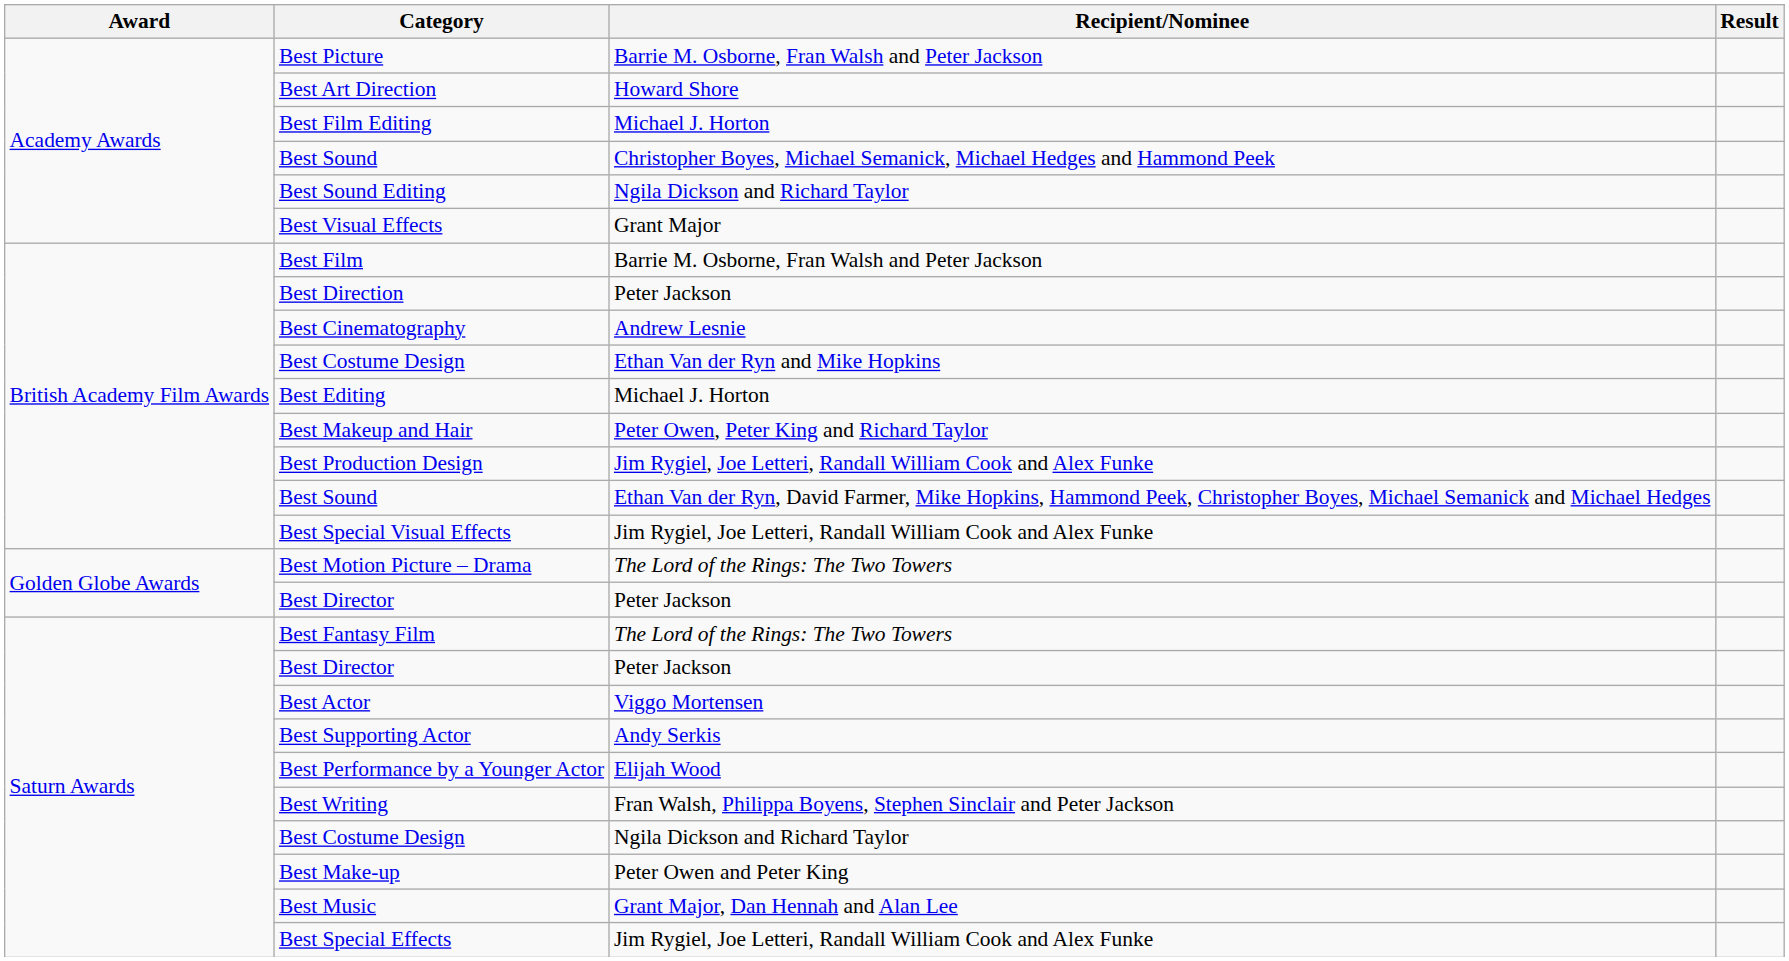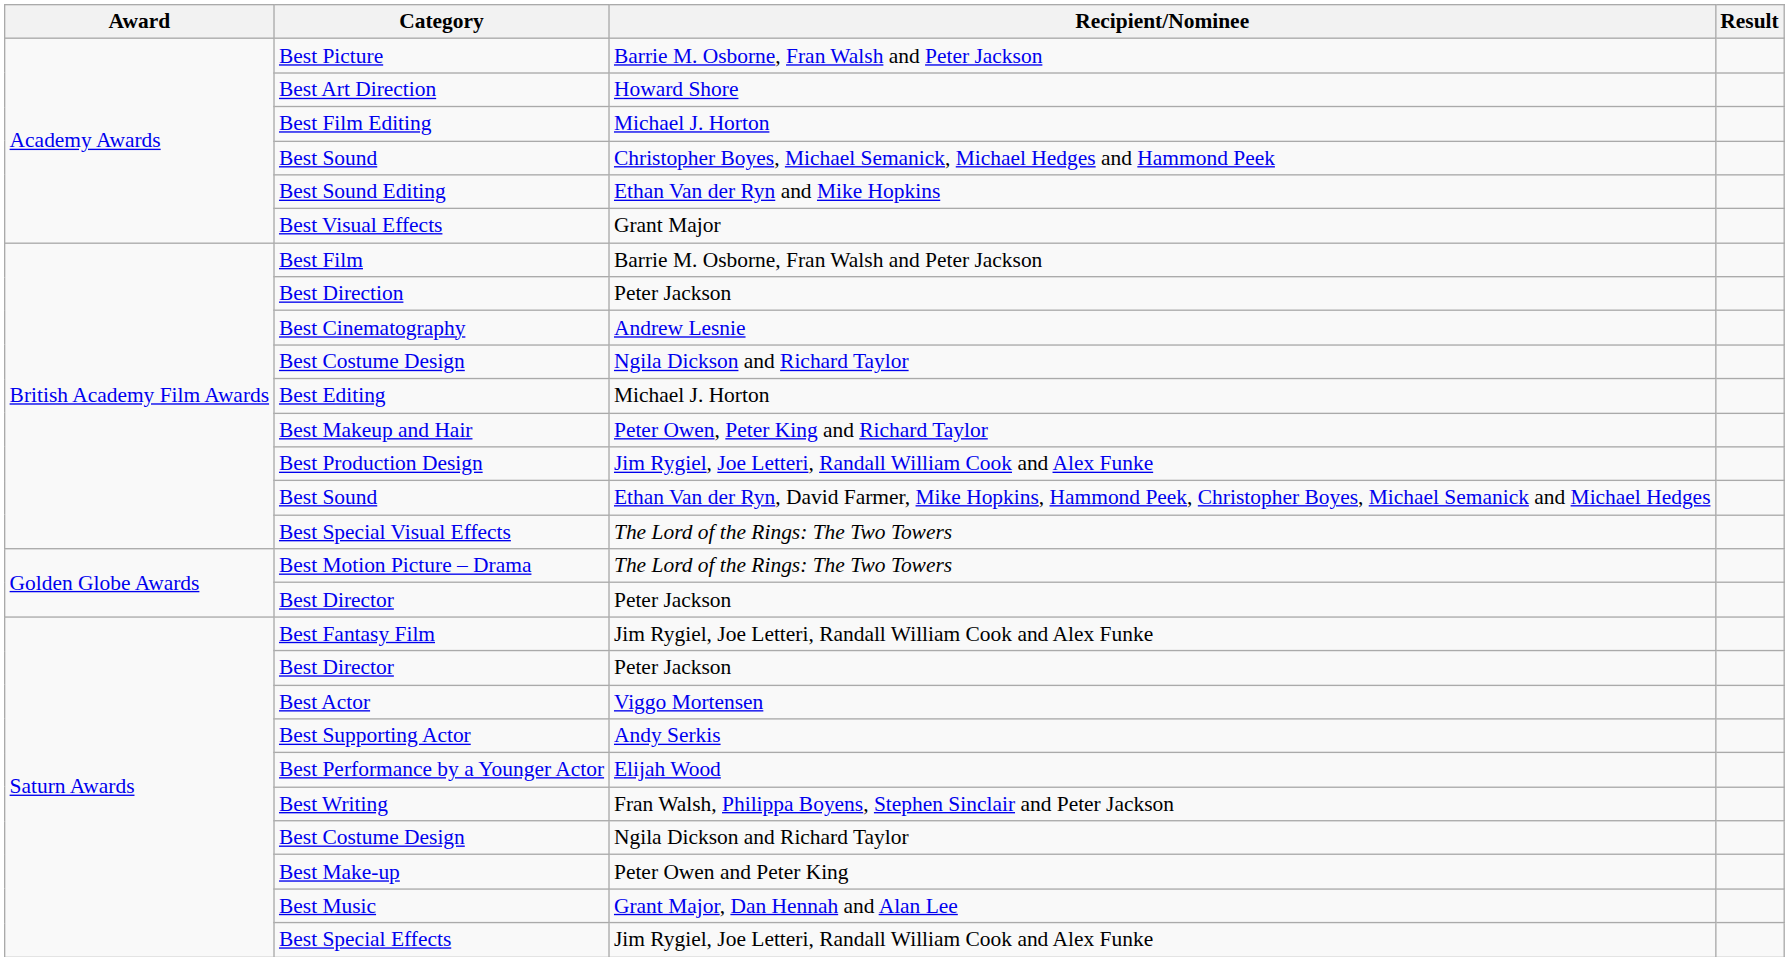 <table class="wikitable plainrowheaders sortable">
 <tr>
 <th scope="col">Award</th>
 <th scope="col">Category</th>
 <th scope="col">Recipient/Nominee</th>
 <th scope="col">Result</th>
 </tr>
 <tr>
 <td rowspan="6"><a href='#'>Academy Awards</a></td>
 <td><a href='#'>Best Picture</a></td>
 <td><a href='#'>Barrie M. Osborne</a>, <a href='#'>Fran Walsh</a> and <a href='#'>Peter Jackson</a></td>
 <td></td>
 </tr>
 <tr>
 <td><a href='#'>Best Art Direction</a></td>
 <td><a href='#'>Howard Shore</a></td>
 <td></td>
 </tr>
 <tr>
 <td><a href='#'>Best Film Editing</a></td>
 <td><a href='#'>Michael J. Horton</a></td>
 <td></td>
 </tr>
 <tr>
 <td><a href='#'>Best Sound</a></td>
 <td><a href='#'>Christopher Boyes</a>, <a href='#'>Michael Semanick</a>, <a href='#'>Michael Hedges</a> and <a href='#'>Hammond Peek</a></td>
 <td></td>
 </tr>
 <tr>
 <td><a href='#'>Best Sound Editing</a></td>
-<td><a href='#'>Ngila Dickson</a> and <a href='#'>Richard Taylor</a></td>
+<td><a href='#'>Ethan Van der Ryn</a> and <a href='#'>Mike Hopkins</a></td>
 <td></td>
 </tr>
 <tr>
 <td><a href='#'>Best Visual Effects</a></td>
 <td>Grant Major</td>
 <td></td>
 </tr>
 <tr>
 <td rowspan="9"><a href='#'>British Academy Film Awards</a></td>
 <td><a href='#'>Best Film</a></td>
 <td>Barrie M. Osborne, Fran Walsh and Peter Jackson</td>
 <td></td>
 </tr>
 <tr>
 <td><a href='#'>Best Direction</a></td>
 <td>Peter Jackson</td>
 <td></td>
 </tr>
 <tr>
 <td><a href='#'>Best Cinematography</a></td>
 <td><a href='#'>Andrew Lesnie</a></td>
 <td></td>
 </tr>
 <tr>
 <td><a href='#'>Best Costume Design</a></td>
-<td><a href='#'>Ethan Van der Ryn</a> and <a href='#'>Mike Hopkins</a></td>
+<td><a href='#'>Ngila Dickson</a> and <a href='#'>Richard Taylor</a></td>
 <td></td>
 </tr>
 <tr>
 <td><a href='#'>Best Editing</a></td>
 <td>Michael J. Horton</td>
 <td></td>
 </tr>
 <tr>
 <td><a href='#'>Best Makeup and Hair</a></td>
 <td><a href='#'>Peter Owen</a>, <a href='#'>Peter King</a> and <a href='#'>Richard Taylor</a></td>
 <td></td>
 </tr>
 <tr>
 <td><a href='#'>Best Production Design</a></td>
 <td><a href='#'>Jim Rygiel</a>, <a href='#'>Joe Letteri</a>, <a href='#'>Randall William Cook</a> and <a href='#'>Alex Funke</a></td>
 <td></td>
 </tr>
 <tr>
 <td><a href='#'>Best Sound</a></td>
 <td><a href='#'>Ethan Van der Ryn</a>, David Farmer, <a href='#'>Mike Hopkins</a>, <a href='#'>Hammond Peek</a>, <a href='#'>Christopher Boyes</a>, <a href='#'>Michael Semanick</a> and <a href='#'>Michael Hedges</a></td>
 <td></td>
 </tr>
 <tr>
 <td><a href='#'>Best Special Visual Effects</a></td>
-<td>Jim Rygiel, Joe Letteri, Randall William Cook and Alex Funke</td>
+<td><em>The Lord of the Rings: The Two Towers</em></td>
 <td></td>
 </tr>
 <tr>
 <td rowspan="2"><a href='#'>Golden Globe Awards</a></td>
 <td><a href='#'>Best Motion Picture – Drama</a></td>
 <td><em>The Lord of the Rings: The Two Towers</em></td>
 <td></td>
 </tr>
 <tr>
 <td><a href='#'>Best Director</a></td>
 <td>Peter Jackson</td>
 <td></td>
 </tr>
 <tr>
 <td rowspan="10"><a href='#'>Saturn Awards</a></td>
 <td><a href='#'>Best Fantasy Film</a></td>
-<td><em>The Lord of the Rings: The Two Towers</em></td>
+<td>Jim Rygiel, Joe Letteri, Randall William Cook and Alex Funke</td>
 <td></td>
 </tr>
 <tr>
 <td><a href='#'>Best Director</a></td>
 <td>Peter Jackson</td>
 <td></td>
 </tr>
 <tr>
 <td><a href='#'>Best Actor</a></td>
 <td><a href='#'>Viggo Mortensen</a></td>
 <td></td>
 </tr>
 <tr>
 <td><a href='#'>Best Supporting Actor</a></td>
 <td><a href='#'>Andy Serkis</a></td>
 <td></td>
 </tr>
 <tr>
 <td><a href='#'>Best Performance by a Younger Actor</a></td>
 <td><a href='#'>Elijah Wood</a></td>
 <td></td>
 </tr>
 <tr>
 <td><a href='#'>Best Writing</a></td>
 <td>Fran Walsh, <a href='#'>Philippa Boyens</a>, <a href='#'>Stephen Sinclair</a> and Peter Jackson</td>
 <td></td>
 </tr>
 <tr>
 <td><a href='#'>Best Costume Design</a></td>
 <td>Ngila Dickson and Richard Taylor</td>
 <td></td>
 </tr>
 <tr>
 <td><a href='#'>Best Make-up</a></td>
 <td>Peter Owen and Peter King</td>
 <td></td>
 </tr>
 <tr>
 <td><a href='#'>Best Music</a></td>
 <td><a href='#'>Grant Major</a>, <a href='#'>Dan Hennah</a> and <a href='#'>Alan Lee</a></td>
 <td></td>
 </tr>
 <tr>
 <td><a href='#'>Best Special Effects</a></td>
 <td>Jim Rygiel, Joe Letteri, Randall William Cook and Alex Funke</td>
 <td></td>
 </tr>
 </table>
